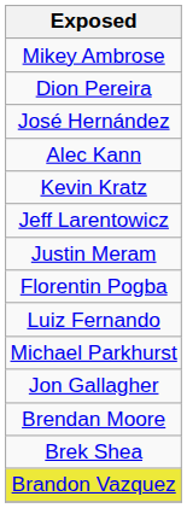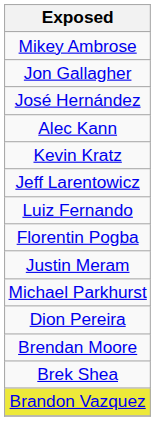 <table class="wikitable" style="text-align:center">
 <tr>
 <th>Exposed</th>
 </tr>
 <tr>
 <td><a href='#'>Mikey Ambrose</a></td>
 </tr>
 <tr>
-<td><a href='#'>Dion Pereira</a></td>
+<td><a href='#'>Jon Gallagher</a></td>
 </tr>
 <tr>
 <td><a href='#'>José Hernández</a></td>
 </tr>
 <tr>
 <td><a href='#'>Alec Kann</a></td>
 </tr>
 <tr>
 <td><a href='#'>Kevin Kratz</a></td>
 </tr>
 <tr>
 <td><a href='#'>Jeff Larentowicz</a></td>
 </tr>
 <tr>
-<td><a href='#'>Justin Meram</a></td>
+<td><a href='#'>Luiz Fernando</a></td>
 </tr>
 <tr>
 <td><a href='#'>Florentin Pogba</a></td>
 </tr>
 <tr>
-<td><a href='#'>Luiz Fernando</a></td>
+<td><a href='#'>Justin Meram</a></td>
 </tr>
 <tr>
 <td><a href='#'>Michael Parkhurst</a></td>
 </tr>
 <tr>
-<td><a href='#'>Jon Gallagher</a></td>
+<td><a href='#'>Dion Pereira</a></td>
 </tr>
 <tr>
 <td><a href='#'>Brendan Moore</a></td>
 </tr>
 <tr>
 <td><a href='#'>Brek Shea</a></td>
 </tr>
 <tr>
 <td style="background: #ede939"><a href='#'>Brandon Vazquez</a></td>
 </tr>
 <tr>
 </tr>
 </table>
